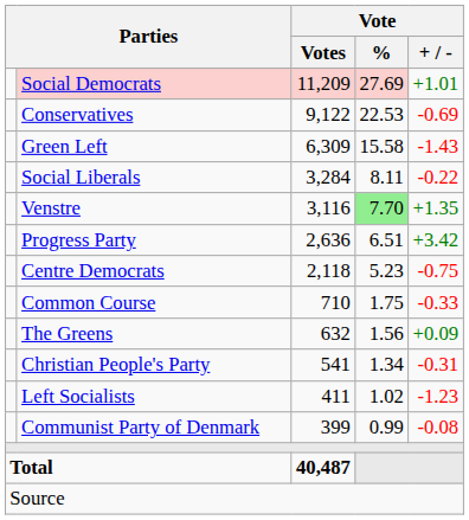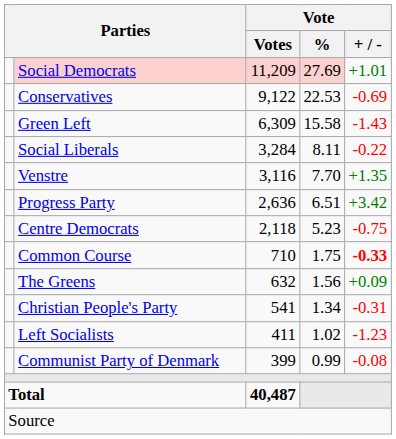 <table class="wikitable" style="text-align:right;">
 <tr>
 <th style="text-align:centre;" rowspan="2" colspan="2" width="225">Parties</th>
 <th colspan="3">Vote</th>
 </tr>
 <tr>
 <th width="15">Votes</th>
 <th width="15">%</th>
 <th width="15">+ / -</th>
 </tr>
 <tr>
 <td width="2" style="color:inherit;background:"></td>
 <td bgcolor=#fbd0ce  align="left"><a href='#'>Social Democrats</a></td>
 <td bgcolor=#fbd0ce>11,209</td>
 <td bgcolor=#fbd0ce>27.69</td>
 <td style=color:green;>+1.01</td>
 </tr>
 <tr>
 <td width="2" style="color:inherit;background:"></td>
 <td align="left"><a href='#'>Conservatives</a></td>
 <td>9,122</td>
 <td>22.53</td>
 <td style=color:red;>-0.69</td>
 </tr>
 <tr>
 <td width="2" style="color:inherit;background:"></td>
 <td align="left"><a href='#'>Green Left</a></td>
 <td>6,309</td>
 <td>15.58</td>
 <td style=color:red;>-1.43</td>
 </tr>
 <tr>
 <td width="2" style="color:inherit;background:"></td>
 <td align="left"><a href='#'>Social Liberals</a></td>
 <td>3,284</td>
 <td>8.11</td>
 <td style=color:red;>-0.22</td>
 </tr>
 <tr>
 <td width="2" style="color:inherit;background:"></td>
 <td align="left"><a href='#'>Venstre</a></td>
 <td>3,116</td>
-<td style="background: lightgreen;">7.70</td>
+<td>7.70</td>
 <td style=color:green;>+1.35</td>
 </tr>
 <tr>
 <td width="2" style="color:inherit;background:"></td>
 <td align="left"><a href='#'>Progress Party</a></td>
 <td>2,636</td>
 <td>6.51</td>
 <td style=color:green;>+3.42</td>
 </tr>
 <tr>
 <td width="2" style="color:inherit;background:"></td>
 <td align="left"><a href='#'>Centre Democrats</a></td>
 <td>2,118</td>
 <td>5.23</td>
 <td style=color:red;>-0.75</td>
 </tr>
 <tr>
 <td width="2" style="color:inherit;background:"></td>
 <td align="left"><a href='#'>Common Course</a></td>
 <td>710</td>
 <td>1.75</td>
-<td style=color:red;>-0.33</td>
+<td style=color:red;><strong>-0.33</strong></td>
 </tr>
 <tr>
 <td width="2" style="color:inherit;background:"></td>
 <td align="left"><a href='#'>The Greens</a></td>
 <td>632</td>
 <td>1.56</td>
 <td style=color:green;>+0.09</td>
 </tr>
 <tr>
 <td width="2" style="color:inherit;background:"></td>
 <td align="left"><a href='#'>Christian People's Party</a></td>
 <td>541</td>
 <td>1.34</td>
 <td style=color:red;>-0.31</td>
 </tr>
 <tr>
 <td width="2" style="color:inherit;background:"></td>
 <td align="left"><a href='#'>Left Socialists</a></td>
 <td>411</td>
 <td>1.02</td>
 <td style=color:red;>-1.23</td>
 </tr>
 <tr>
 <td width="2" style="color:inherit;background:"></td>
 <td align="left"><a href='#'>Communist Party of Denmark</a></td>
 <td>399</td>
 <td>0.99</td>
 <td style=color:red;>-0.08</td>
 </tr>
 <tr>
 <td colspan="7" bgcolor="#E9E9E9"></td>
 </tr>
 <tr>
 <td align="left" colspan="2"><strong>Total</strong></td>
 <td><strong>40,487</strong></td>
 <td bgcolor="#E9E9E9" colspan="2"></td>
 </tr>
 <tr>
 <td align="left" colspan="6">Source</td>
 </tr>
 </table>
